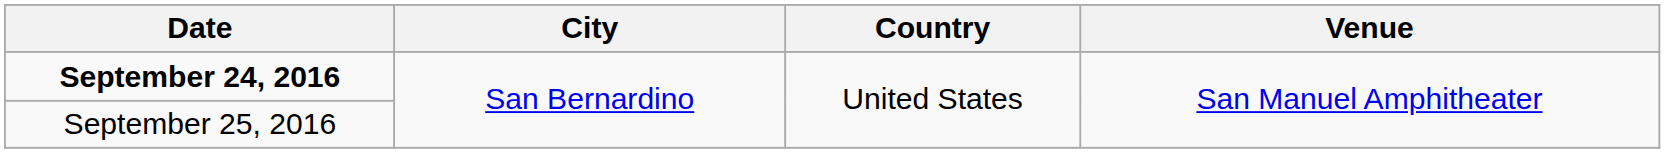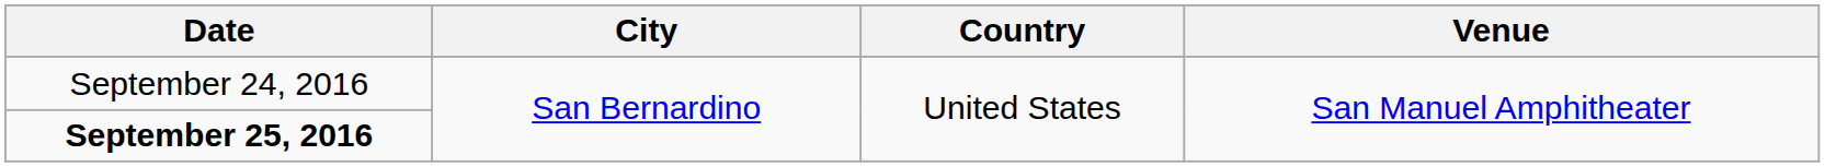 <table class="wikitable" style="text-align:center;">
 <tr>
 <th style="width:200px;">Date</th>
 <th style="width:200px;">City</th>
 <th style="width:150px;">Country</th>
 <th style="width:300px;">Venue</th>
 </tr>
 <tr>
-<td><strong>September 24, 2016</strong></td>
+<td>September 24, 2016</td>
 <td rowspan="2"><a href='#'>San Bernardino</a></td>
 <td rowspan="2">United States</td>
 <td rowspan="2"><a href='#'>San Manuel Amphitheater</a></td>
 </tr>
 <tr>
-<td>September 25, 2016</td>
+<td><strong>September 25, 2016</strong></td>
 </tr>
 </table>
